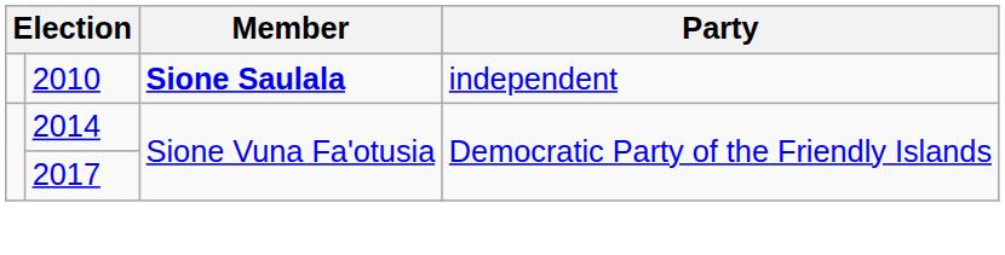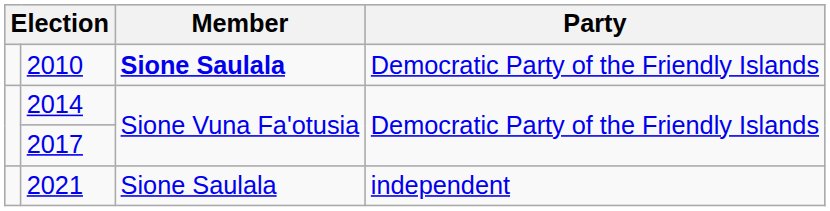 <table class="wikitable">
 <tr>
 <th colspan="2">Election</th>
 <th>Member</th>
 <th>Party</th>
 </tr>
 <tr>
 <td style="background-color: "></td>
 <td><a href='#'>2010</a></td>
 <td><strong><a href='#'>Sione Saulala</a></strong></td>
-<td><a href='#'>independent</a></td>
+<td><a href='#'>Democratic Party of the Friendly Islands</a></td>
 </tr>
 <tr>
 <td rowspan="2" style="background-color: "></td>
 <td><a href='#'>2014</a></td>
 <td rowspan="2"><a href='#'>Sione Vuna Fa'otusia</a></td>
 <td rowspan="2"><a href='#'>Democratic Party of the Friendly Islands</a></td>
 </tr>
 <tr>
 <td><a href='#'>2017</a></td>
 </tr>
+<tr>
+<td style="background-color: "></td>
+<td><a href='#'>2021</a></td>
+<td><a href='#'>Sione Saulala</a></td>
+<td><a href='#'>independent</a></td>
+</tr>
 </table>
